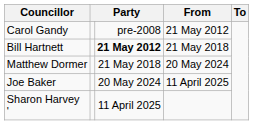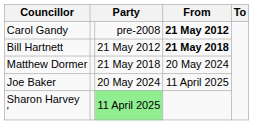 <table class=wikitable>
 <tr>
 <th>Councillor</th>
 <th colspan=2>Party</th>
 <th>From</th>
 <th>To</th>
 </tr>
 <tr>
 <td>Carol Gandy</td>
 <td></td>
 <td align=right>pre-2008</td>
-<td align=right>21 May 2012</td>
+<td align=right><strong>21 May 2012</strong></td>
 </tr>
 <tr>
 <td>Bill Hartnett</td>
 <td></td>
-<td align=right><strong>21 May 2012</strong></td>
-<td align=right>21 May 2018</td>
+<td align=right>21 May 2012</td>
+<td align=right><strong>21 May 2018</strong></td>
 </tr>
 <tr>
 <td>Matthew Dormer</td>
 <td></td>
 <td align=right>21 May 2018</td>
 <td align=right>20 May 2024</td>
 </tr>
 <tr>
 <td>Joe Baker</td>
 <td></td>
 <td align=right>20 May 2024</td>
 <td align=right>11 April 2025</td>
 </tr>
 <tr>
 <td>Sharon Harvey<br>'</td>
 <td></td>
-<td align=right>11 April 2025</td>
+<td align=right style="background: lightgreen;">11 April 2025</td>
 <td align=right></td>
 </tr>
 </table>
